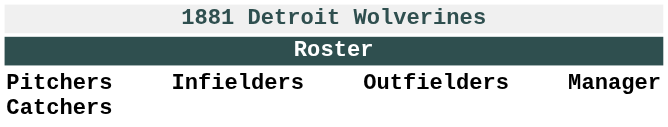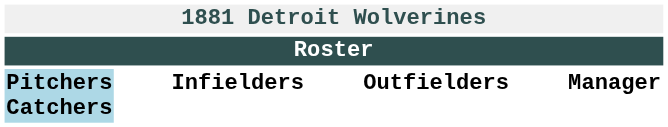 <table class="toccolours" style="font-size: 95%;">
 <tr>
 <th colspan="10" style="background-color: #F0F0F0; color: #2F4F4F; text-align: center;">1881 Detroit Wolverines</th>
 </tr>
 <tr>
 <td colspan="10" style="background-color: #2F4F4F; color: white; text-align: center;"><strong>Roster</strong></td>
 </tr>
 <tr>
-<td valign="top"><strong>Pitchers</strong><br>     <strong>Catchers</strong>   </td>
+<td valign="top" style="background: lightblue;"><strong>Pitchers</strong><br>     <strong>Catchers</strong>   </td>
 <td width="25px"></td>
 <td valign="top"><strong>Infielders</strong><br>           </td>
 <td width="25px"></td>
 <td valign="top"><strong>Outfielders</strong><br>     </td>
 <td width="25px"></td>
 <td valign="top"><strong>Manager</strong><br></td>
 </tr>
 </table>
